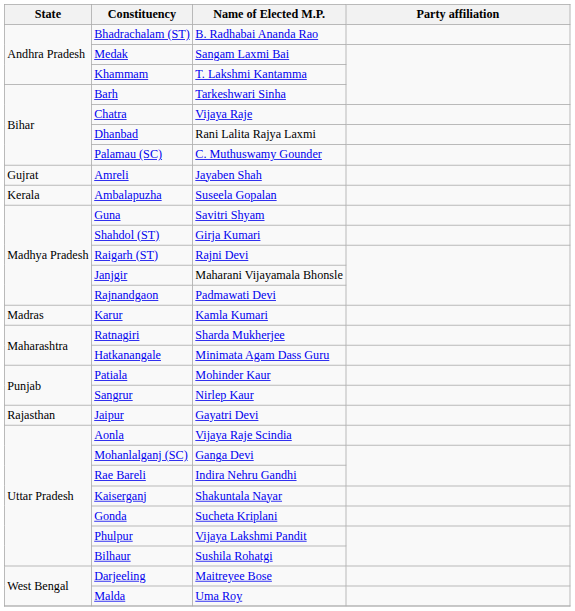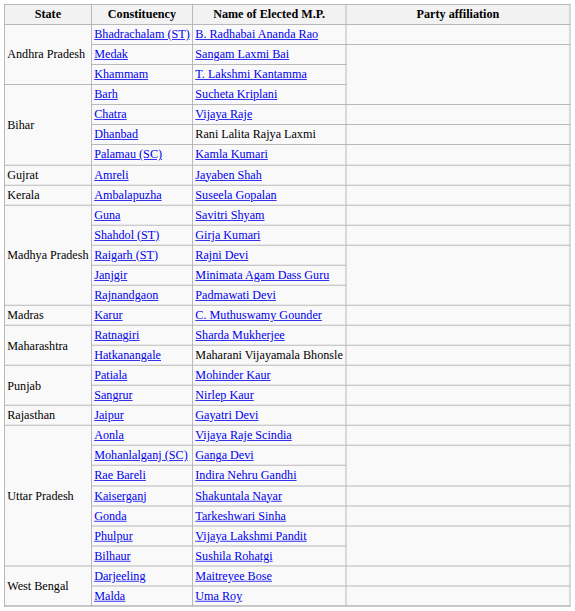 <table class="wikitable sortable" style="font-size: 95%;">
 <tr>
 <th>State</th>
 <th>Constituency</th>
 <th>Name of Elected M.P.</th>
 <th colspan="2" style="width:18em">Party affiliation</th>
 </tr>
 <tr>
 <td rowspan=3>Andhra Pradesh</td>
 <td><a href='#'>Bhadrachalam (ST)</a></td>
 <td><a href='#'>B. Radhabai Ananda Rao</a></td>
 <td></td>
 </tr>
 <tr>
 <td><a href='#'>Medak</a></td>
 <td><a href='#'>Sangam Laxmi Bai</a></td>
 </tr>
 <tr>
 <td><a href='#'>Khammam</a></td>
 <td><a href='#'>T. Lakshmi Kantamma</a></td>
 </tr>
 <tr>
 <td rowspan=4>Bihar</td>
 <td><a href='#'>Barh</a></td>
-<td><a href='#'>Tarkeshwari Sinha</a></td>
+<td><a href='#'>Sucheta Kriplani</a></td>
 </tr>
 <tr>
 <td><a href='#'>Chatra</a></td>
 <td><a href='#'>Vijaya Raje</a></td>
 <td></td>
 </tr>
 <tr>
 <td><a href='#'>Dhanbad</a></td>
 <td>Rani Lalita Rajya Laxmi</td>
 </tr>
 <tr>
 <td><a href='#'>Palamau (SC)</a></td>
-<td><a href='#'>C. Muthuswamy Gounder</a></td>
+<td><a href='#'>Kamla Kumari</a></td>
 <td></td>
 </tr>
 <tr>
 <td>Gujrat</td>
 <td><a href='#'>Amreli</a></td>
 <td><a href='#'>Jayaben Shah</a></td>
 </tr>
 <tr>
 <td>Kerala</td>
 <td><a href='#'>Ambalapuzha</a></td>
 <td><a href='#'>Suseela Gopalan</a></td>
 <td></td>
 </tr>
 <tr>
 <td rowspan=5>Madhya Pradesh</td>
 <td><a href='#'>Guna</a></td>
 <td><a href='#'>Savitri Shyam</a></td>
 <td></td>
 </tr>
 <tr>
 <td><a href='#'>Shahdol (ST)</a></td>
 <td><a href='#'>Girja Kumari</a></td>
 <td></td>
 </tr>
 <tr>
 <td><a href='#'>Raigarh (ST)</a></td>
 <td><a href='#'>Rajni Devi</a></td>
 </tr>
 <tr>
 <td><a href='#'>Janjgir</a></td>
-<td>Maharani Vijayamala Bhonsle</td>
+<td><a href='#'>Minimata Agam Dass Guru</a></td>
 </tr>
 <tr>
 <td><a href='#'>Rajnandgaon</a></td>
 <td><a href='#'>Padmawati Devi</a></td>
 </tr>
 <tr>
 <td>Madras</td>
 <td><a href='#'>Karur</a></td>
-<td><a href='#'>Kamla Kumari</a></td>
+<td><a href='#'>C. Muthuswamy Gounder</a></td>
 <td></td>
 </tr>
 <tr>
 <td rowspan=2>Maharashtra</td>
 <td><a href='#'>Ratnagiri</a></td>
 <td><a href='#'>Sharda Mukherjee</a></td>
 <td></td>
 </tr>
 <tr>
 <td><a href='#'>Hatkanangale</a></td>
-<td><a href='#'>Minimata Agam Dass Guru</a></td>
+<td>Maharani Vijayamala Bhonsle</td>
 <td></td>
 </tr>
 <tr>
 <td rowspan=2>Punjab</td>
 <td><a href='#'>Patiala</a></td>
 <td><a href='#'> Mohinder Kaur</a></td>
 <td></td>
 </tr>
 <tr>
 <td><a href='#'>Sangrur</a></td>
 <td><a href='#'>Nirlep Kaur</a></td>
 <td></td>
 </tr>
 <tr>
 <td>Rajasthan</td>
 <td><a href='#'>Jaipur</a></td>
 <td><a href='#'>Gayatri Devi</a></td>
 <td></td>
 </tr>
 <tr>
 <td rowspan=7>Uttar Pradesh</td>
 <td><a href='#'>Aonla</a></td>
 <td><a href='#'>Vijaya Raje Scindia</a></td>
 <td></td>
 </tr>
 <tr>
 <td><a href='#'>Mohanlalganj (SC)</a></td>
 <td><a href='#'>Ganga Devi</a></td>
 </tr>
 <tr>
 <td><a href='#'>Rae Bareli</a></td>
 <td><a href='#'>Indira Nehru Gandhi</a></td>
 </tr>
 <tr>
 <td><a href='#'>Kaiserganj</a></td>
 <td><a href='#'>Shakuntala Nayar</a></td>
 <td></td>
 </tr>
 <tr>
 <td><a href='#'>Gonda</a></td>
-<td><a href='#'>Sucheta Kriplani</a></td>
+<td><a href='#'>Tarkeshwari Sinha</a></td>
 <td></td>
 </tr>
 <tr>
 <td><a href='#'>Phulpur</a></td>
 <td><a href='#'>Vijaya Lakshmi Pandit</a></td>
 </tr>
 <tr>
 <td><a href='#'>Bilhaur</a></td>
 <td><a href='#'>Sushila Rohatgi</a></td>
 </tr>
 <tr>
 <td rowspan=2>West Bengal</td>
 <td><a href='#'>Darjeeling</a></td>
 <td><a href='#'>Maitreyee Bose</a></td>
 <td></td>
 </tr>
 <tr>
 <td><a href='#'>Malda</a></td>
 <td><a href='#'>Uma Roy</a></td>
 <td></td>
 </tr>
 <tr>
 </tr>
 </table>
